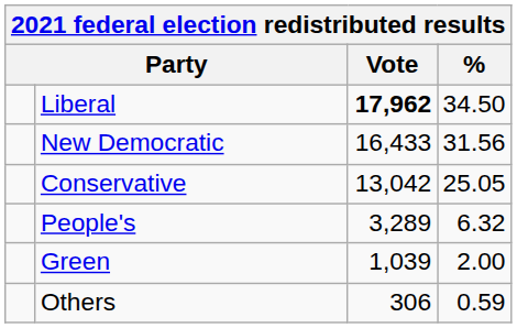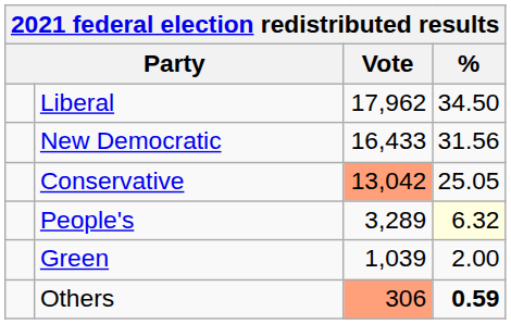 <table class="wikitable">
 <tr>
 <th colspan="4"><a href='#'>2021 federal election</a> redistributed results</th>
 </tr>
 <tr>
 <th bgcolor="#DDDDFF" width="130px" colspan="2">Party</th>
 <th bgcolor="#DDDDFF" width="50px">Vote</th>
 <th bgcolor="#DDDDFF" width="30px">%</th>
 </tr>
 <tr>
 <td> </td>
 <td><a href='#'>Liberal</a></td>
-<td align=right><strong>17,962</strong></td>
+<td align=right>17,962</td>
 <td align=right>34.50</td>
 </tr>
 <tr>
 <td> </td>
 <td><a href='#'>New Democratic</a></td>
 <td align=right>16,433</td>
 <td align=right>31.56</td>
 </tr>
 <tr>
 <td> </td>
 <td><a href='#'>Conservative</a></td>
-<td align=right>13,042</td>
+<td align=right style="background: lightsalmon;">13,042</td>
 <td align=right>25.05</td>
 </tr>
 <tr>
 <td> </td>
 <td><a href='#'>People's</a></td>
 <td align=right>3,289</td>
-<td align=right>6.32</td>
+<td align=right style="background: lightyellow;">6.32</td>
 </tr>
 <tr>
 <td> </td>
 <td><a href='#'>Green</a></td>
 <td align=right>1,039</td>
 <td align=right>2.00</td>
 </tr>
 <tr>
 <td> </td>
 <td>Others</td>
-<td align=right>306</td>
-<td align=right>0.59</td>
+<td align=right style="background: lightsalmon;">306</td>
+<td align=right><strong>0.59</strong></td>
 </tr>
 </table>
